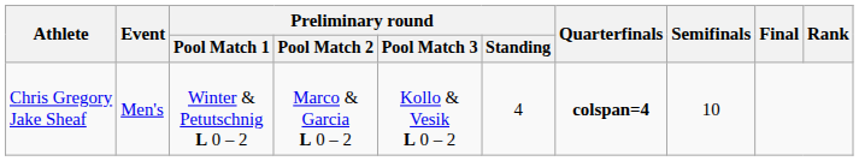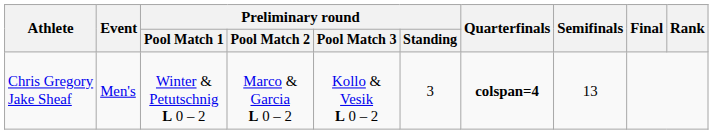 <table class=wikitable style="font-size:90%">
 <tr>
 <th rowspan="2">Athlete</th>
 <th rowspan="2">Event</th>
 <th colspan="4">Preliminary round</th>
 <th rowspan="2">Quarterfinals</th>
 <th rowspan="2">Semifinals</th>
 <th rowspan="2">Final</th>
 <th colspan="2" rowspan="2">Rank</th>
 </tr>
 <tr style="font-size:95%">
 <th>Pool Match 1</th>
 <th>Pool Match 2</th>
 <th>Pool Match 3</th>
 <th>Standing</th>
 </tr>
 <tr align=center>
 <td align=left><a href='#'>Chris Gregory</a><br> <a href='#'>Jake Sheaf</a></td>
 <td align=left><a href='#'>Men's</a></td>
 <td align=centre><br><a href='#'>Winter</a> &<br><a href='#'>Petutschnig</a><br><strong>L</strong> 0 – 2<br></td>
 <td align=centre><br><a href='#'>Marco</a> &<br><a href='#'>Garcia</a><br><strong>L</strong> 0 – 2<br></td>
 <td align=centre><br><a href='#'>Kollo</a> &<br><a href='#'>Vesik</a><br><strong>L</strong> 0 – 2<br></td>
-<td>4</td>
+<td>3</td>
 <td><strong>colspan=4 </strong></td>
-<td>10</td>
+<td>13</td>
 </tr>
 </table>
